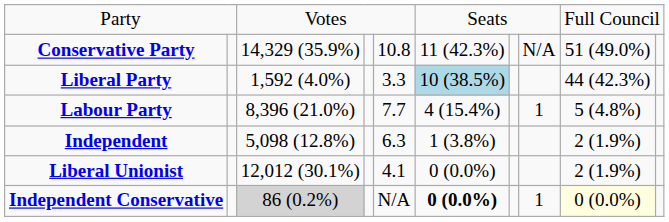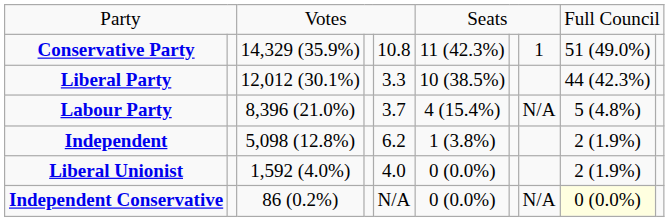 <table class=wikitable style="text-align:center;">
 <tr>
 <td colspan=2>Party</td>
 <td colspan=3>Votes</td>
 <td colspan=3>Seats</td>
 <td colspan=3>Full Council</td>
 </tr>
 <tr>
 <td><strong><a href='#'>Conservative Party</a></strong></td>
 <td style="background:"></td>
 <td>14,329 (35.9%)</td>
 <td></td>
 <td> 10.8</td>
 <td>11 (42.3%)</td>
 <td></td>
-<td>N/A</td>
+<td> 1</td>
 <td>51 (49.0%)</td>
 <td></td>
 </tr>
 <tr>
 <td><strong><a href='#'>Liberal Party</a></strong></td>
 <td style="background:"></td>
-<td>1,592 (4.0%)</td>
+<td>12,012 (30.1%)</td>
 <td></td>
 <td> 3.3</td>
-<td style="background: lightblue;">10 (38.5%)</td>
+<td>10 (38.5%)</td>
 <td></td>
 <td></td>
 <td>44 (42.3%)</td>
 <td></td>
 </tr>
 <tr>
 <td><strong><a href='#'>Labour Party</a></strong></td>
 <td style="background:"></td>
 <td>8,396 (21.0%)</td>
 <td></td>
-<td> 7.7</td>
+<td> 3.7</td>
 <td>4 (15.4%)</td>
 <td></td>
-<td> 1</td>
+<td>N/A</td>
 <td>5 (4.8%)</td>
 <td></td>
 </tr>
 <tr>
 <td><strong><a href='#'>Independent</a></strong></td>
 <td style="background:"></td>
 <td>5,098 (12.8%)</td>
 <td></td>
-<td> 6.3</td>
+<td> 6.2</td>
 <td>1 (3.8%)</td>
 <td></td>
 <td></td>
 <td>2 (1.9%)</td>
 <td></td>
 </tr>
 <tr>
 <td><strong><a href='#'>Liberal Unionist</a></strong></td>
 <td style="background:"></td>
-<td>12,012 (30.1%)</td>
+<td>1,592 (4.0%)</td>
 <td></td>
-<td> 4.1</td>
+<td> 4.0</td>
 <td>0 (0.0%)</td>
 <td></td>
 <td></td>
 <td>2 (1.9%)</td>
 <td></td>
 </tr>
 <tr>
 <td><strong><a href='#'>Independent Conservative</a></strong></td>
 <td style="background:"></td>
-<td style="background: lightgrey;">86 (0.2%)</td>
+<td>86 (0.2%)</td>
 <td></td>
 <td>N/A</td>
-<td><strong>0 (0.0%)</strong></td>
+<td>0 (0.0%)</td>
 <td></td>
-<td> 1</td>
+<td>N/A</td>
 <td style="background: lightyellow;">0 (0.0%)</td>
 <td></td>
 </tr>
 </table>
